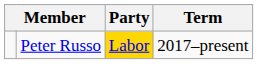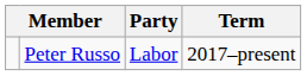 <table class="wikitable">
 <tr>
 <th colspan="2">Member</th>
 <th>Party</th>
 <th>Term</th>
 </tr>
 <tr>
 <td> </td>
 <td><a href='#'>Peter Russo</a></td>
-<td style="background: gold;"><a href='#'>Labor</a></td>
+<td><a href='#'>Labor</a></td>
 <td>2017–present</td>
 </tr>
 </table>
